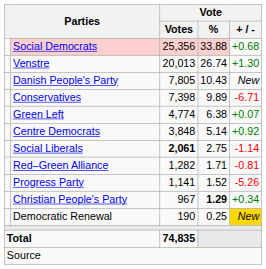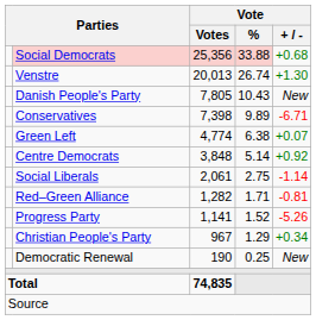 <table class="wikitable" style="text-align:right;">
 <tr>
 <th style="text-align:centre;" rowspan="2" colspan="2" width="225">Parties</th>
 <th colspan="3">Vote</th>
 </tr>
 <tr>
 <th width="15">Votes</th>
 <th width="15">%</th>
 <th width="15">+ / -</th>
 </tr>
 <tr>
 <td width="2" style="color:inherit;background:"></td>
 <td bgcolor=#fbd0ce  align="left"><a href='#'>Social Democrats</a></td>
 <td bgcolor=#fbd0ce>25,356</td>
 <td bgcolor=#fbd0ce>33.88</td>
 <td style=color:green;>+0.68</td>
 </tr>
 <tr>
 <td width="2" style="color:inherit;background:"></td>
 <td align="left"><a href='#'>Venstre</a></td>
 <td>20,013</td>
 <td>26.74</td>
 <td style=color:green;>+1.30</td>
 </tr>
 <tr>
 <td width="2" style="color:inherit;background:"></td>
 <td align="left"><a href='#'>Danish People's Party</a></td>
 <td>7,805</td>
 <td>10.43</td>
 <td><em>New</em></td>
 </tr>
 <tr>
 <td width="2" style="color:inherit;background:"></td>
 <td align="left"><a href='#'>Conservatives</a></td>
 <td>7,398</td>
 <td>9.89</td>
 <td style=color:red;>-6.71</td>
 </tr>
 <tr>
 <td width="2" style="color:inherit;background:"></td>
 <td align="left"><a href='#'>Green Left</a></td>
 <td>4,774</td>
 <td>6.38</td>
 <td style=color:green;>+0.07</td>
 </tr>
 <tr>
 <td width="2" style="color:inherit;background:"></td>
 <td align="left"><a href='#'>Centre Democrats</a></td>
 <td>3,848</td>
 <td>5.14</td>
 <td style=color:green;>+0.92</td>
 </tr>
 <tr>
 <td width="2" style="color:inherit;background:"></td>
 <td align="left"><a href='#'>Social Liberals</a></td>
-<td><strong>2,061</strong></td>
+<td>2,061</td>
 <td>2.75</td>
 <td style=color:red;>-1.14</td>
 </tr>
 <tr>
 <td width="2" style="color:inherit;background:"></td>
 <td align="left"><a href='#'>Red–Green Alliance</a></td>
 <td>1,282</td>
 <td>1.71</td>
 <td style=color:red;>-0.81</td>
 </tr>
 <tr>
 <td width="2" style="color:inherit;background:"></td>
 <td align="left"><a href='#'>Progress Party</a></td>
 <td>1,141</td>
 <td>1.52</td>
 <td style=color:red;>-5.26</td>
 </tr>
 <tr>
 <td width="2" style="color:inherit;background:"></td>
 <td align="left"><a href='#'>Christian People's Party</a></td>
 <td>967</td>
-<td><strong>1.29</strong></td>
+<td>1.29</td>
 <td style=color:green;>+0.34</td>
 </tr>
 <tr>
 <td width="2" style="color:inherit;background:"></td>
 <td align="left">Democratic Renewal</td>
 <td>190</td>
 <td>0.25</td>
-<td style="background: gold;"><em>New</em></td>
+<td><em>New</em></td>
 </tr>
 <tr>
 <td colspan="7" bgcolor="#E9E9E9"></td>
 </tr>
 <tr>
 <td align="left" colspan="2"><strong>Total</strong></td>
 <td><strong>74,835</strong></td>
 <td bgcolor="#E9E9E9" colspan="2"></td>
 </tr>
 <tr>
 <td align="left" colspan="6">Source</td>
 </tr>
 </table>
